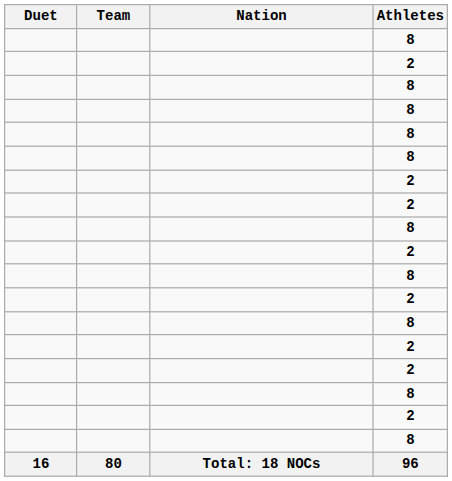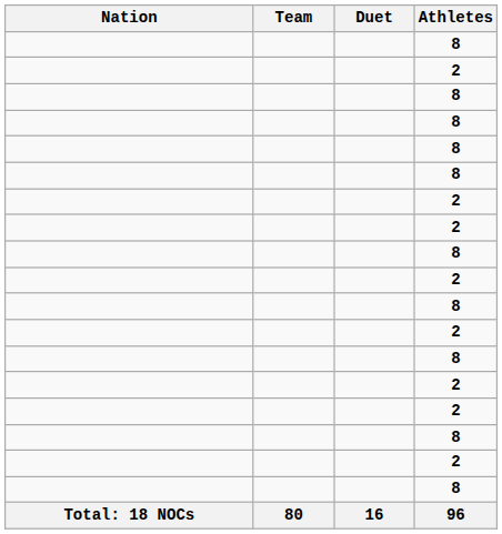 <table class="wikitable sortable" width=370 style="text-align:center; font-size:90%">
 <tr>
+<th>Nation</th>
+<th>Team</th>
 <th>Duet</th>
-<th>Team</th>
-<th>Nation</th>
 <th width=55>Athletes</th>
 </tr>
 <tr>
+<td style="text-align:left;"></td>
 <td></td>
 <td></td>
-<td style="text-align:left;"></td>
 <td><strong>8</strong></td>
 </tr>
 <tr>
+<td style="text-align:left;"></td>
 <td></td>
 <td></td>
-<td style="text-align:left;"></td>
 <td><strong>2</strong></td>
 </tr>
 <tr>
+<td style="text-align:left;"></td>
 <td></td>
 <td></td>
-<td style="text-align:left;"></td>
 <td><strong>8</strong></td>
 </tr>
 <tr>
+<td style="text-align:left;"></td>
 <td></td>
 <td></td>
-<td style="text-align:left;"></td>
 <td><strong>8</strong></td>
 </tr>
 <tr>
+<td style="text-align:left;"></td>
 <td></td>
 <td></td>
-<td style="text-align:left;"></td>
 <td><strong>8</strong></td>
 </tr>
 <tr>
+<td style="text-align:left;"></td>
 <td></td>
 <td></td>
-<td style="text-align:left;"></td>
 <td><strong>8</strong></td>
 </tr>
 <tr>
+<td style="text-align:left;"></td>
 <td></td>
 <td></td>
-<td style="text-align:left;"></td>
 <td><strong>2</strong></td>
 </tr>
 <tr>
+<td style="text-align:left;"></td>
 <td></td>
 <td></td>
-<td style="text-align:left;"></td>
 <td><strong>2</strong></td>
 </tr>
 <tr>
+<td style="text-align:left;"></td>
 <td></td>
 <td></td>
-<td style="text-align:left;"></td>
 <td><strong>8</strong></td>
 </tr>
 <tr>
+<td style="text-align:left;"></td>
 <td></td>
 <td></td>
-<td style="text-align:left;"></td>
 <td><strong>2</strong></td>
 </tr>
 <tr>
+<td style="text-align:left;"></td>
 <td></td>
 <td></td>
-<td style="text-align:left;"></td>
 <td><strong>8</strong></td>
 </tr>
 <tr>
+<td style="text-align:left;"></td>
 <td></td>
 <td></td>
-<td style="text-align:left;"></td>
 <td><strong>2</strong></td>
 </tr>
 <tr>
+<td style="text-align:left;"></td>
 <td></td>
 <td></td>
-<td style="text-align:left;"></td>
 <td><strong>8</strong></td>
 </tr>
 <tr>
+<td style="text-align:left;"></td>
 <td></td>
 <td></td>
-<td style="text-align:left;"></td>
 <td><strong>2</strong></td>
 </tr>
 <tr>
+<td style="text-align:left;"></td>
 <td></td>
 <td></td>
-<td style="text-align:left;"></td>
 <td><strong>2</strong></td>
 </tr>
 <tr>
+<td style="text-align:left;"></td>
 <td></td>
 <td></td>
-<td style="text-align:left;"></td>
 <td><strong>8</strong></td>
 </tr>
 <tr>
+<td style="text-align:left;"></td>
 <td></td>
 <td></td>
-<td style="text-align:left;"></td>
 <td><strong>2</strong></td>
 </tr>
 <tr>
+<td style="text-align:left;"></td>
 <td></td>
 <td></td>
-<td style="text-align:left;"></td>
 <td><strong>8</strong></td>
 </tr>
 <tr>
+<th>Total: 18 NOCs</th>
+<th>80</th>
 <th>16</th>
-<th>80</th>
-<th>Total: 18 NOCs</th>
 <th>96</th>
 </tr>
 </table>
